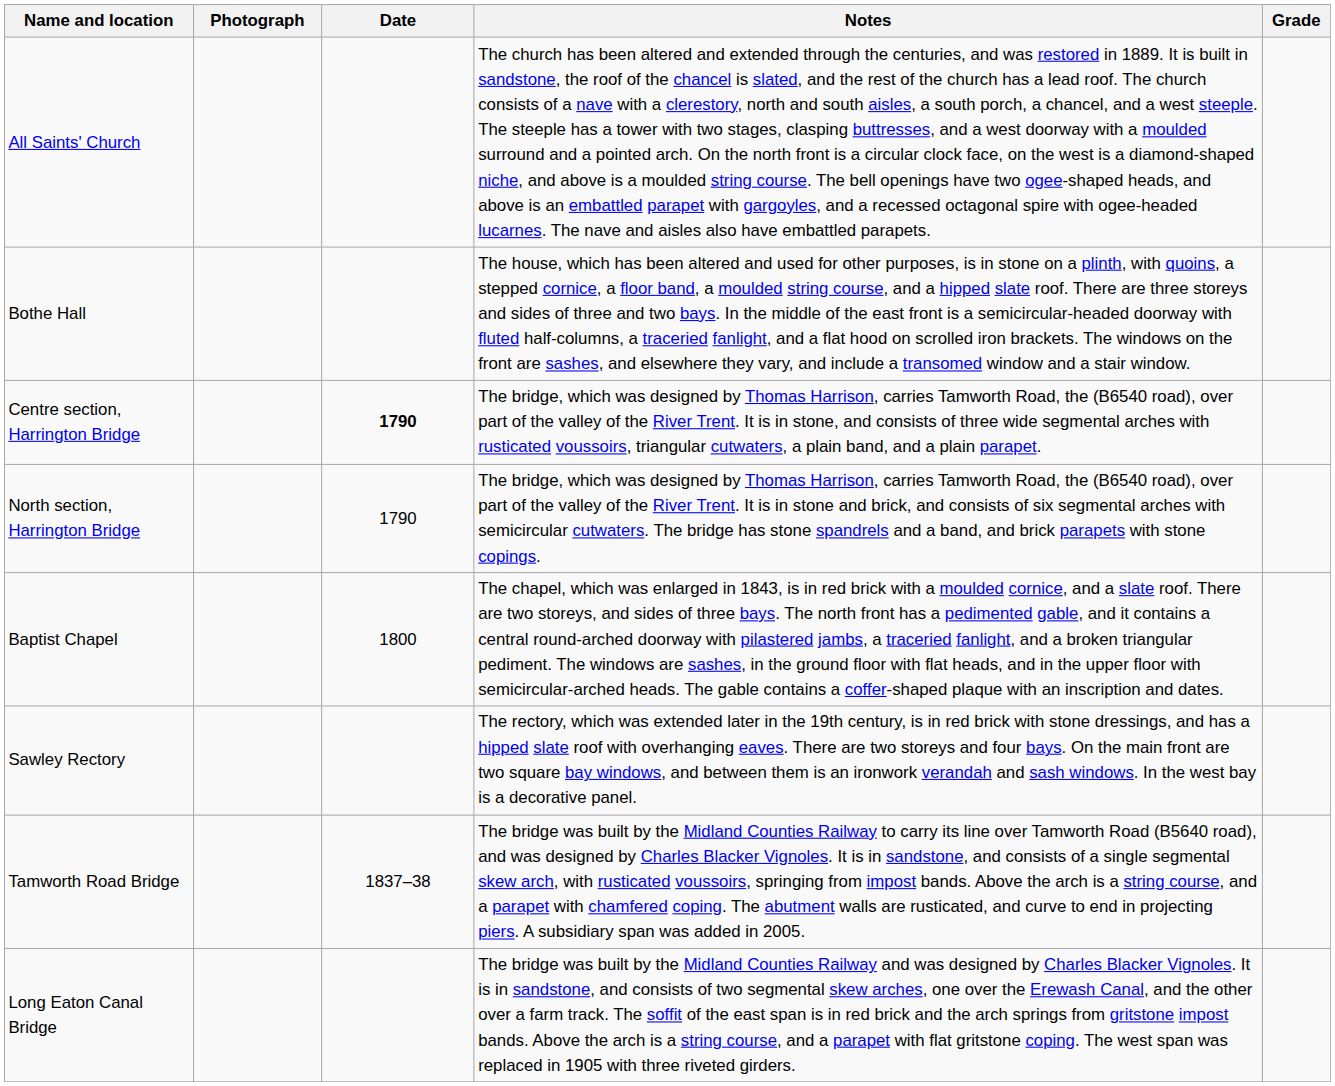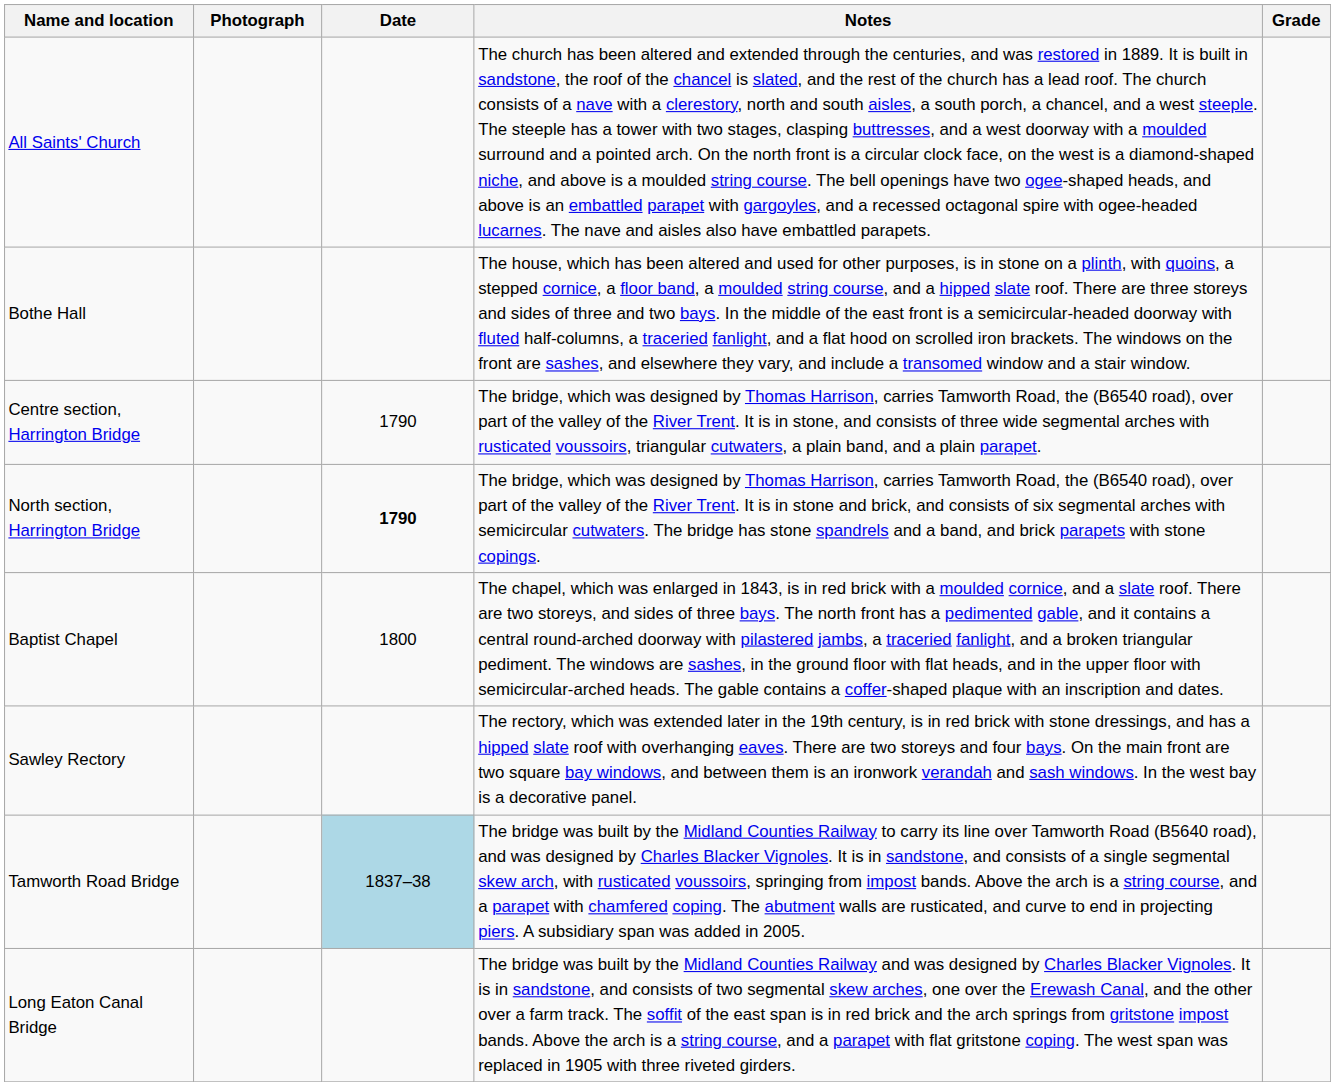 <table class="wikitable sortable plainrowheaders" style="width:100%; border:0; text-align:left; line-height:150%;">
 <tr>
 <th scope="col"  style="width:150px">Name and location</th>
 <th scope="col"  style="width:100px" class="unsortable">Photograph</th>
 <th scope="col"  style="width:120px">Date</th>
 <th scope="col"  style="width:650px" class="unsortable">Notes</th>
 <th scope="col"  style="width:50px">Grade</th>
 </tr>
 <tr>
 <td><a href='#'>All Saints' Church</a><br><small></small></td>
 <td></td>
 <td align="center"></td>
 <td>The church has been altered and extended through the centuries, and was <a href='#'>restored</a> in 1889.  It is built in <a href='#'>sandstone</a>, the roof of the <a href='#'>chancel</a> is <a href='#'>slated</a>, and the rest of the church has a lead roof.  The church consists of a <a href='#'>nave</a> with a <a href='#'>clerestory</a>, north and south <a href='#'>aisles</a>, a south porch, a chancel, and a west <a href='#'>steeple</a>.  The steeple has a tower with two stages, clasping <a href='#'>buttresses</a>, and a west doorway with a <a href='#'>moulded</a> surround and a pointed arch.  On the north front is a circular clock face, on the west is a diamond-shaped <a href='#'>niche</a>, and above is a moulded <a href='#'>string course</a>.  The bell openings have two <a href='#'>ogee</a>-shaped heads, and above is an <a href='#'>embattled</a> <a href='#'>parapet</a> with <a href='#'>gargoyles</a>, and a recessed octagonal spire with ogee-headed <a href='#'>lucarnes</a>.  The nave and aisles also have embattled parapets.</td>
 <td align="center" ></td>
 </tr>
 <tr>
 <td>Bothe Hall<br><small></small></td>
 <td></td>
 <td align="center"></td>
 <td>The house, which has been altered and used for other purposes, is in stone on a <a href='#'>plinth</a>, with <a href='#'>quoins</a>, a stepped <a href='#'>cornice</a>, a <a href='#'>floor band</a>, a <a href='#'>moulded</a> <a href='#'>string course</a>, and a <a href='#'>hipped</a> <a href='#'>slate</a> roof.  There are three storeys and sides of three and two <a href='#'>bays</a>.  In the middle of the east front is a semicircular-headed doorway with <a href='#'>fluted</a> half-columns, a <a href='#'>traceried</a> <a href='#'>fanlight</a>, and a flat hood on scrolled iron brackets.  The windows on the front are <a href='#'>sashes</a>, and elsewhere they vary, and include a <a href='#'>transomed</a> window and a stair window.</td>
 <td align="center" ></td>
 </tr>
 <tr>
 <td>Centre section, <a href='#'>Harrington Bridge</a><br><small></small></td>
 <td></td>
-<td align="center"><strong>1790</strong></td>
+<td align="center">1790</td>
 <td>The bridge, which was designed by <a href='#'>Thomas Harrison</a>, carries Tamworth Road, the (B6540 road), over part of the valley of the <a href='#'>River Trent</a>.  It is in stone, and consists of three wide segmental arches with <a href='#'>rusticated</a> <a href='#'>voussoirs</a>, triangular <a href='#'>cutwaters</a>, a plain band, and a plain <a href='#'>parapet</a>.</td>
 <td align="center" ></td>
 </tr>
 <tr>
 <td>North section, <a href='#'>Harrington Bridge</a><br><small></small></td>
 <td></td>
-<td align="center">1790</td>
+<td align="center"><strong>1790</strong></td>
 <td>The bridge, which was designed by <a href='#'>Thomas Harrison</a>, carries Tamworth Road, the (B6540 road), over part of the valley of the <a href='#'>River Trent</a>.  It is in stone and brick, and consists of six segmental arches with semicircular <a href='#'>cutwaters</a>.  The bridge has stone <a href='#'>spandrels</a> and a band, and brick <a href='#'>parapets</a> with stone <a href='#'>copings</a>.</td>
 <td align="center" ></td>
 </tr>
 <tr>
 <td>Baptist Chapel<br><small></small></td>
 <td></td>
 <td align="center">1800</td>
 <td>The chapel, which was enlarged in 1843, is in red brick with a <a href='#'>moulded</a> <a href='#'>cornice</a>, and a <a href='#'>slate</a> roof.  There are two storeys, and sides of three <a href='#'>bays</a>.  The north front has a <a href='#'>pedimented</a> <a href='#'>gable</a>, and it contains a central round-arched doorway with <a href='#'>pilastered</a> <a href='#'>jambs</a>, a <a href='#'>traceried</a> <a href='#'>fanlight</a>, and a broken triangular pediment.  The windows are <a href='#'>sashes</a>, in the ground floor with flat heads, and in the upper floor with semicircular-arched heads.  The gable contains a <a href='#'>coffer</a>-shaped plaque with an inscription and dates.</td>
 <td align="center" ></td>
 </tr>
 <tr>
 <td>Sawley Rectory<br><small></small></td>
 <td></td>
 <td align="center"></td>
 <td>The rectory, which was extended later in the 19th century, is in red brick with stone dressings, and has a <a href='#'>hipped</a> <a href='#'>slate</a> roof with overhanging <a href='#'>eaves</a>.  There are two storeys and four <a href='#'>bays</a>.  On the main front are two square <a href='#'>bay windows</a>, and between them is an ironwork <a href='#'>verandah</a> and <a href='#'>sash windows</a>.  In the west bay is a decorative panel.</td>
 <td align="center" ></td>
 </tr>
 <tr>
 <td>Tamworth Road Bridge<br><small></small></td>
 <td></td>
-<td align="center">1837–38</td>
+<td align="center" style="background: lightblue;">1837–38</td>
 <td>The bridge was built by the <a href='#'>Midland Counties Railway</a> to carry its line over Tamworth Road (B5640 road), and was designed by <a href='#'>Charles Blacker Vignoles</a>.  It is in <a href='#'>sandstone</a>, and consists of a single segmental <a href='#'>skew arch</a>, with <a href='#'>rusticated</a> <a href='#'>voussoirs</a>, springing from <a href='#'>impost</a> bands.  Above the arch is a <a href='#'>string course</a>, and a <a href='#'>parapet</a> with <a href='#'>chamfered</a> <a href='#'>coping</a>.  The <a href='#'>abutment</a> walls are rusticated, and curve to end in projecting <a href='#'>piers</a>.  A subsidiary span was added in 2005.</td>
 <td align="center" ></td>
 </tr>
 <tr>
 <td>Long Eaton Canal Bridge<br><small></small></td>
 <td></td>
 <td align="center"></td>
 <td>The bridge was built by the <a href='#'>Midland Counties Railway</a> and was designed by <a href='#'>Charles Blacker Vignoles</a>.  It is in <a href='#'>sandstone</a>, and consists of two segmental <a href='#'>skew arches</a>, one over the <a href='#'>Erewash Canal</a>, and the other over a farm track.  The <a href='#'>soffit</a> of the east span is in red brick and the arch springs from <a href='#'>gritstone</a> <a href='#'>impost</a> bands.  Above the arch is a <a href='#'>string course</a>, and a <a href='#'>parapet</a> with flat gritstone <a href='#'>coping</a>.  The west span was replaced in 1905 with three riveted girders.</td>
 <td align="center" ></td>
 </tr>
 <tr>
 </tr>
 </table>
